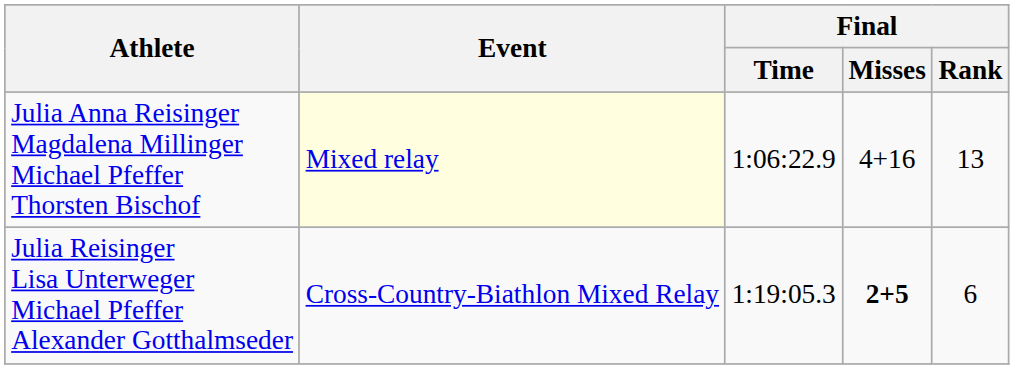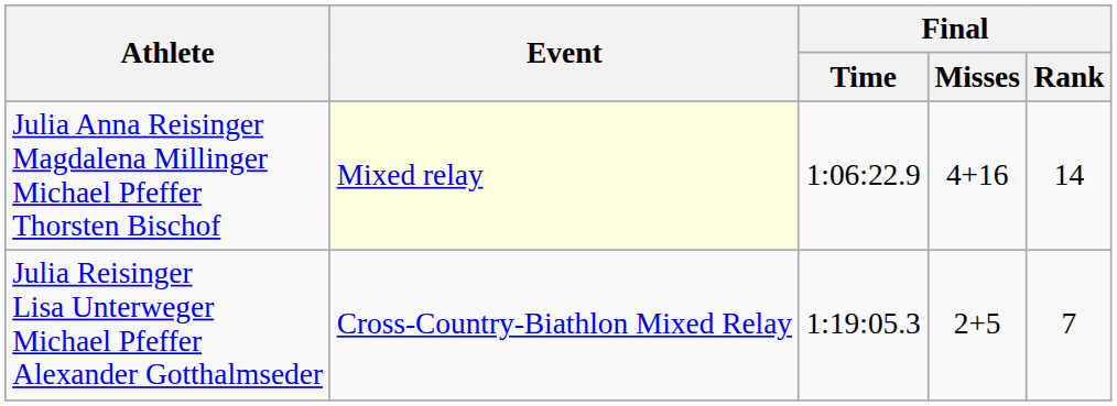 <table class="wikitable">
 <tr>
 <th rowspan="2">Athlete</th>
 <th rowspan="2">Event</th>
 <th colspan="3">Final</th>
 </tr>
 <tr>
 <th>Time</th>
 <th>Misses</th>
 <th>Rank</th>
 </tr>
 <tr>
 <td><a href='#'>Julia Anna Reisinger</a><br><a href='#'>Magdalena Millinger</a><br><a href='#'>Michael Pfeffer</a><br><a href='#'>Thorsten Bischof</a></td>
 <td style="background: lightyellow;"><a href='#'>Mixed relay</a></td>
 <td align="center">1:06:22.9</td>
 <td align="center">4+16</td>
-<td align="center">13</td>
+<td align="center">14</td>
 </tr>
 <tr>
 <td><a href='#'>Julia Reisinger</a><br><a href='#'>Lisa Unterweger</a><br><a href='#'>Michael Pfeffer</a><br><a href='#'>Alexander Gotthalmseder</a></td>
 <td><a href='#'>Cross-Country-Biathlon Mixed Relay</a></td>
 <td align="center">1:19:05.3</td>
-<td align="center"><strong>2+5</strong></td>
-<td align="center">6</td>
+<td align="center">2+5</td>
+<td align="center">7</td>
 </tr>
 </table>
